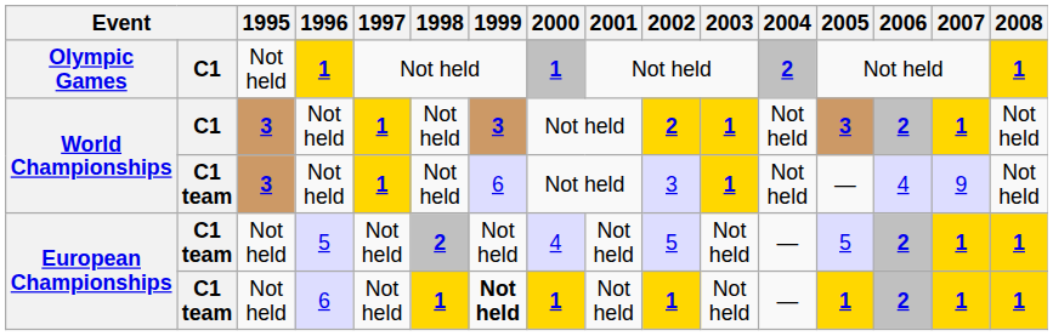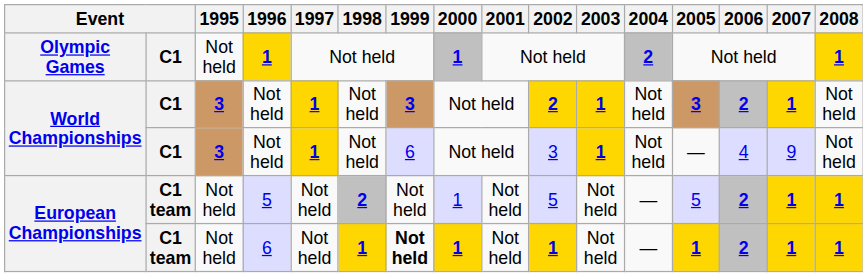 <table class="wikitable plainrowheaders" style=font-size:90%>
 <tr>
 <th scope="col" colspan=2>Event</th>
 <th scope="col">1995</th>
 <th scope="col">1996</th>
 <th scope="col">1997</th>
 <th scope="col">1998</th>
 <th scope="col">1999</th>
 <th scope="col">2000</th>
 <th scope="col">2001</th>
 <th scope="col">2002</th>
 <th scope="col">2003</th>
 <th scope="col">2004</th>
 <th scope="col">2005</th>
 <th scope="col">2006</th>
 <th scope="col">2007</th>
 <th scope="col">2008</th>
 </tr>
 <tr style="text-align:center;">
 <th scope="row"><a href='#'>Olympic Games</a></th>
 <th scope="row">C1</th>
 <td>Not held</td>
 <td style="background:gold;"><a href='#'><strong>1</strong></a></td>
 <td colspan=3>Not held</td>
 <td style="background:silver;"><a href='#'><strong>1</strong></a></td>
 <td colspan=3>Not held</td>
 <td style="background:silver;"><a href='#'><strong>2</strong></a></td>
 <td colspan=3>Not held</td>
 <td style="background:gold;"><a href='#'><strong>1</strong></a></td>
 </tr>
 <tr style="text-align:center;">
 <th scope="row" rowspan=2><a href='#'>World Championships</a></th>
 <th scope="row">C1</th>
 <td style="background:#cc9966;"><a href='#'><strong>3</strong></a></td>
 <td>Not held</td>
 <td style="background:gold;"><a href='#'><strong>1</strong></a></td>
 <td>Not held</td>
 <td style="background:#cc9966;"><a href='#'><strong>3</strong></a></td>
 <td colspan=2>Not held</td>
 <td style="background:gold;"><a href='#'><strong>2</strong></a></td>
 <td style="background:gold;"><a href='#'><strong>1</strong></a></td>
 <td>Not held</td>
 <td style="background:#cc9966;"><a href='#'><strong>3</strong></a></td>
 <td style="background:silver;"><a href='#'><strong>2</strong></a></td>
 <td style="background:gold;"><a href='#'><strong>1</strong></a></td>
 <td>Not held</td>
 </tr>
 <tr style="text-align:center;">
-<th scope="row">C1 team</th>
+<th scope="row">C1</th>
 <td style="background:#cc9966;"><a href='#'><strong>3</strong></a></td>
 <td>Not held</td>
 <td style="background:gold;"><a href='#'><strong>1</strong></a></td>
 <td>Not held</td>
 <td style="background:#ddf;"><a href='#'>6</a></td>
 <td colspan=2>Not held</td>
 <td style="background:#ddf;"><a href='#'>3</a></td>
 <td style="background:gold;"><a href='#'><strong>1</strong></a></td>
 <td>Not held</td>
 <td>—</td>
 <td style="background:#ddf;"><a href='#'>4</a></td>
 <td style="background:#ddf;"><a href='#'>9</a></td>
 <td>Not held</td>
 </tr>
 <tr style="text-align:center;">
 <th scope="row" rowspan=2><a href='#'>European Championships</a></th>
 <th scope="row">C1 team</th>
 <td>Not held</td>
 <td style="background:#ddf;"><a href='#'>5</a></td>
 <td>Not held</td>
 <td style="background:silver;"><a href='#'><strong>2</strong></a></td>
 <td>Not held</td>
-<td style="background:#ddf;"><a href='#'>4</a></td>
+<td style="background:#ddf;"><a href='#'>1</a></td>
 <td>Not held</td>
 <td style="background:#ddf;"><a href='#'>5</a></td>
 <td>Not held</td>
 <td>—</td>
 <td style="background:#ddf;"><a href='#'>5</a></td>
 <td style="background:silver;"><a href='#'><strong>2</strong></a></td>
 <td style="background:gold;"><a href='#'><strong>1</strong></a></td>
 <td style="background:gold;"><a href='#'><strong>1</strong></a></td>
 </tr>
 <tr style="text-align:center;">
 <th scope="row">C1 team</th>
 <td>Not held</td>
 <td style="background:#ddf;"><a href='#'>6</a></td>
 <td>Not held</td>
 <td style="background:gold;"><a href='#'><strong>1</strong></a></td>
 <td><strong>Not held</strong></td>
 <td style="background:gold;"><a href='#'><strong>1</strong></a></td>
 <td>Not held</td>
 <td style="background:gold;"><a href='#'><strong>1</strong></a></td>
 <td>Not held</td>
 <td>—</td>
 <td style="background:gold;"><a href='#'><strong>1</strong></a></td>
 <td style="background:silver;"><a href='#'><strong>2</strong></a></td>
 <td style="background:gold;"><a href='#'><strong>1</strong></a></td>
 <td style="background:gold;"><a href='#'><strong>1</strong></a></td>
 </tr>
 </table>
